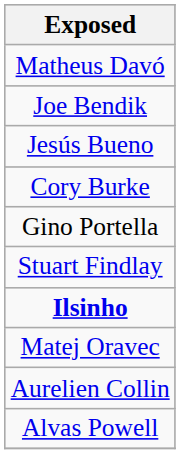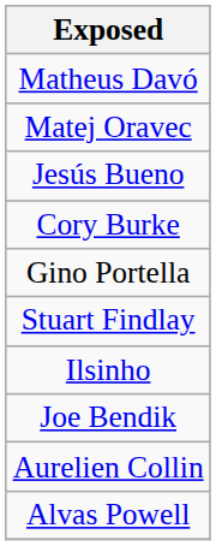 <table class="wikitable" style="text-align:center">
 <tr>
 <th>Exposed</th>
 </tr>
 <tr>
 <td><a href='#'>Matheus Davó</a></td>
 </tr>
 <tr>
-<td><a href='#'>Joe Bendik</a></td>
+<td><a href='#'>Matej Oravec</a></td>
 </tr>
 <tr>
 <td><a href='#'>Jesús Bueno</a></td>
 </tr>
 <tr>
 <td><a href='#'>Cory Burke</a></td>
 </tr>
 <tr>
 <td>Gino Portella</td>
 </tr>
 <tr>
 <td><a href='#'>Stuart Findlay</a></td>
 </tr>
 <tr>
-<td><strong><a href='#'>Ilsinho</a></strong></td>
+<td><a href='#'>Ilsinho</a></td>
 </tr>
 <tr>
-<td><a href='#'>Matej Oravec</a></td>
+<td><a href='#'>Joe Bendik</a></td>
 </tr>
 <tr>
 <td><a href='#'>Aurelien Collin</a></td>
 </tr>
 <tr>
 <td><a href='#'>Alvas Powell</a></td>
 </tr>
 <tr>
 </tr>
 </table>
